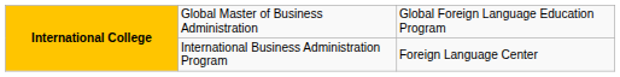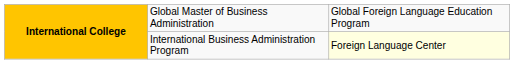 <table class="wikitable">
 <tr>
 <th rowspan="2" width="220" style="background-color: #ffc500;"><span> International College</span></th>
 <td width="280">Global Master of Business Administration</td>
 <td width="280">Global Foreign Language Education Program</td>
 </tr>
 <tr>
 <td width="280">International Business Administration Program</td>
-<td width="280">Foreign Language Center</td>
+<td width="280" style="background: lightyellow;">Foreign Language Center</td>
 </tr>
 </table>
